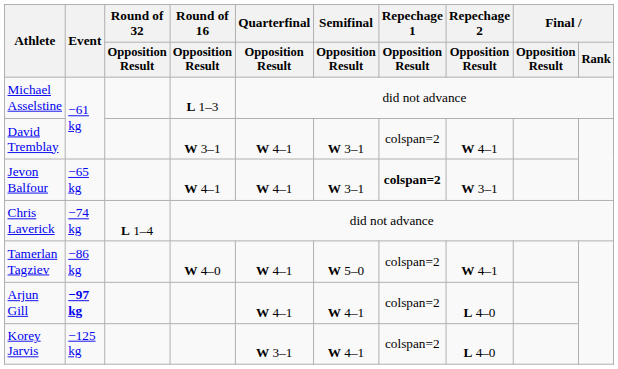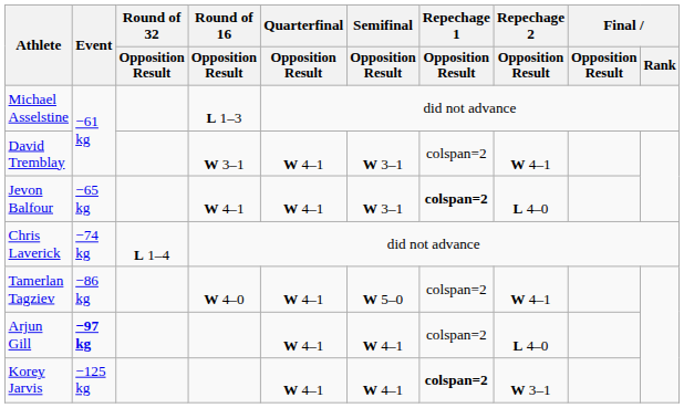 <table class="wikitable" style="font-size:90%">
 <tr>
 <th rowspan=2>Athlete</th>
 <th rowspan=2>Event</th>
 <th>Round of 32</th>
 <th>Round of 16</th>
 <th>Quarterfinal</th>
 <th>Semifinal</th>
 <th>Repechage 1</th>
 <th>Repechage 2</th>
 <th colspan=2>Final / </th>
 </tr>
 <tr style="font-size: 95%">
 <th>Opposition<br>Result</th>
 <th>Opposition<br>Result</th>
 <th>Opposition<br>Result</th>
 <th>Opposition<br>Result</th>
 <th>Opposition<br>Result</th>
 <th>Opposition<br>Result</th>
 <th>Opposition<br>Result</th>
 <th>Rank</th>
 </tr>
 <tr align=center>
 <td align=left><a href='#'>Michael Asselstine</a></td>
 <td align=left rowspan="2"><a href='#'>−61 kg</a></td>
 <td></td>
 <td><br><strong>L</strong> 1–3 <sup></sup></td>
 <td colspan="6">did not advance</td>
 </tr>
 <tr align=center>
 <td align=left><a href='#'>David Tremblay</a></td>
 <td></td>
 <td><br><strong>W</strong> 3–1 <sup></sup></td>
 <td><br><strong>W</strong> 4–1 <sup></sup></td>
 <td><br><strong>W</strong> 3–1 <sup></sup></td>
 <td>colspan=2 </td>
 <td><br><strong>W</strong> 4–1 <sup></sup></td>
 <td></td>
 </tr>
 <tr align=center>
 <td align=left><a href='#'>Jevon Balfour</a></td>
 <td align=left><a href='#'>−65 kg</a></td>
 <td></td>
 <td><br><strong>W</strong> 4–1 <sup></sup></td>
 <td><br><strong>W</strong> 4–1 <sup></sup></td>
 <td><br><strong>W</strong> 3–1 <sup></sup></td>
 <td><strong>colspan=2 </strong></td>
-<td><br><strong>W</strong> 3–1 <sup></sup></td>
+<td><br><strong>L</strong> 4–0 <sup></sup></td>
 <td></td>
 </tr>
 <tr align=center>
 <td align=left><a href='#'>Chris Laverick</a></td>
 <td align=left><a href='#'>−74 kg</a></td>
 <td><br><strong>L</strong> 1–4 <sup></sup></td>
 <td colspan="7">did not advance</td>
 </tr>
 <tr align=center>
 <td align=left><a href='#'>Tamerlan Tagziev</a></td>
 <td align=left><a href='#'>−86 kg</a></td>
 <td></td>
 <td><br><strong>W</strong> 4–0 <sup></sup></td>
 <td><br><strong>W</strong> 4–1 <sup></sup></td>
 <td><br><strong>W</strong> 5–0 <sup></sup></td>
 <td>colspan=2 </td>
 <td><br><strong>W</strong> 4–1 <sup></sup></td>
 <td></td>
 </tr>
 <tr align=center>
 <td align=left><a href='#'>Arjun Gill</a></td>
 <td align=left><strong><a href='#'>−97 kg</a></strong></td>
 <td></td>
 <td></td>
 <td><br><strong>W</strong> 4–1 <sup></sup></td>
 <td><br><strong>W</strong> 4–1 <sup></sup></td>
 <td>colspan=2 </td>
 <td><br><strong>L</strong> 4–0 <sup></sup></td>
 <td></td>
 </tr>
 <tr align=center>
 <td align=left><a href='#'>Korey Jarvis</a></td>
 <td align=left><a href='#'>−125 kg</a></td>
 <td></td>
 <td></td>
+<td><br><strong>W</strong> 4–1 <sup></sup></td>
+<td><br><strong>W</strong> 4–1 <sup></sup></td>
+<td><strong>colspan=2 </strong></td>
 <td><br><strong>W</strong> 3–1 <sup></sup></td>
-<td><br><strong>W</strong> 4–1 <sup></sup></td>
-<td>colspan=2 </td>
-<td><br><strong>L</strong> 4–0 <sup></sup></td>
 <td></td>
 </tr>
 </table>
